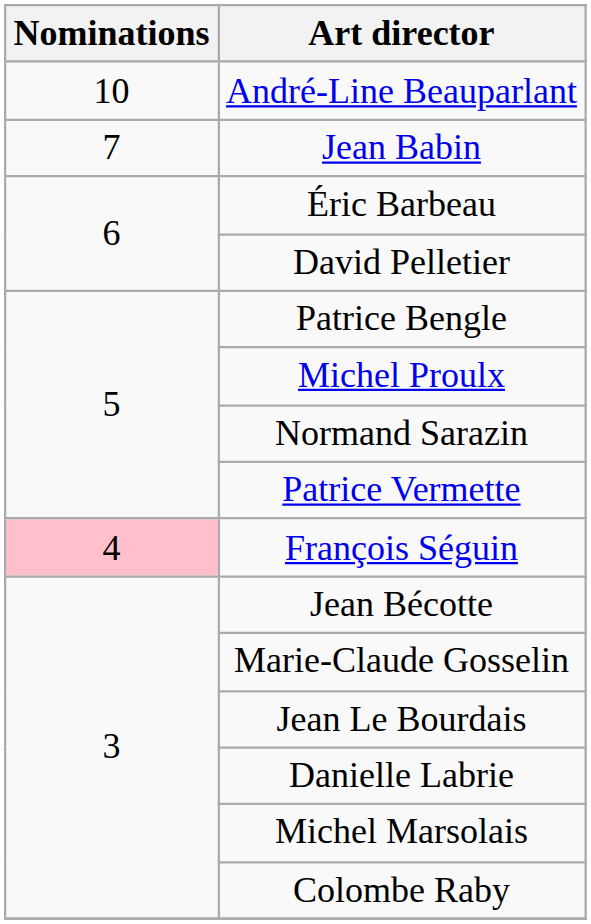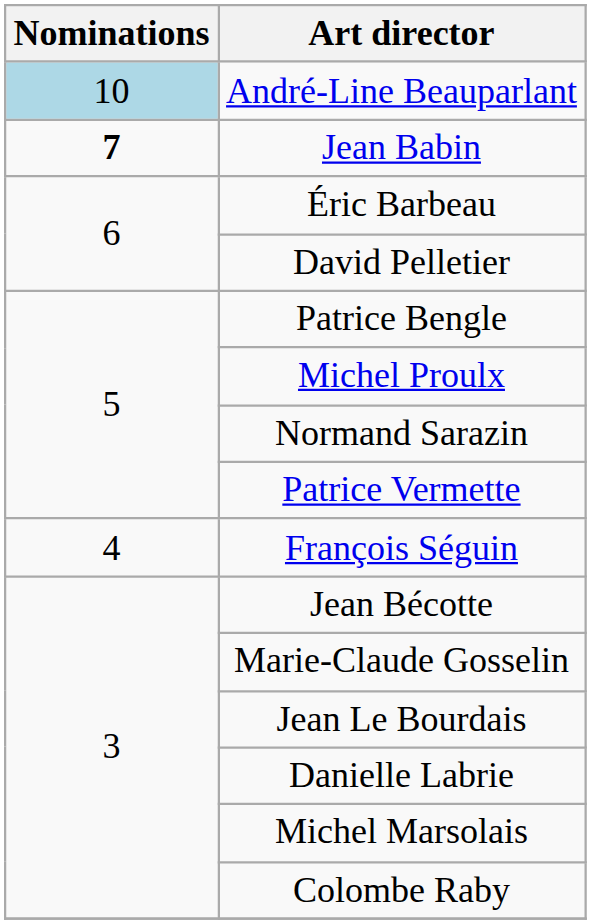 <table class="wikitable" style="text-align:center;">
 <tr>
 <th scope="col" width="17">Nominations</th>
 <th scope="col" align="center">Art director</th>
 </tr>
 <tr>
-<td rowspan="1" style="text-align:center;">10</td>
+<td rowspan="1" style="background: lightblue; text-align:center;">10</td>
 <td><a href='#'>André-Line Beauparlant</a></td>
 </tr>
 <tr>
-<td rowspan="1" style="text-align:center;">7</td>
+<td rowspan="1" style="text-align:center;"><strong>7</strong></td>
 <td><a href='#'>Jean Babin</a></td>
 </tr>
 <tr>
 <td rowspan="2" style="text-align:center;">6</td>
 <td>Éric Barbeau</td>
 </tr>
 <tr>
 <td>David Pelletier</td>
 </tr>
 <tr>
 <td rowspan="4" style="text-align:center;">5</td>
 <td>Patrice Bengle</td>
 </tr>
 <tr>
 <td><a href='#'>Michel Proulx</a></td>
 </tr>
 <tr>
 <td>Normand Sarazin</td>
 </tr>
 <tr>
 <td><a href='#'>Patrice Vermette</a></td>
 </tr>
 <tr>
-<td rowspan="1" style="background: pink; text-align:center;">4</td>
+<td rowspan="1" style="text-align:center;">4</td>
 <td><a href='#'>François Séguin</a></td>
 </tr>
 <tr>
 <td rowspan="6" style="text-align:center;">3</td>
 <td>Jean Bécotte</td>
 </tr>
 <tr>
 <td>Marie-Claude Gosselin</td>
 </tr>
 <tr>
 <td>Jean Le Bourdais</td>
 </tr>
 <tr>
 <td>Danielle Labrie</td>
 </tr>
 <tr>
 <td>Michel Marsolais</td>
 </tr>
 <tr>
 <td>Colombe Raby</td>
 </tr>
 <tr>
 </tr>
 </table>
